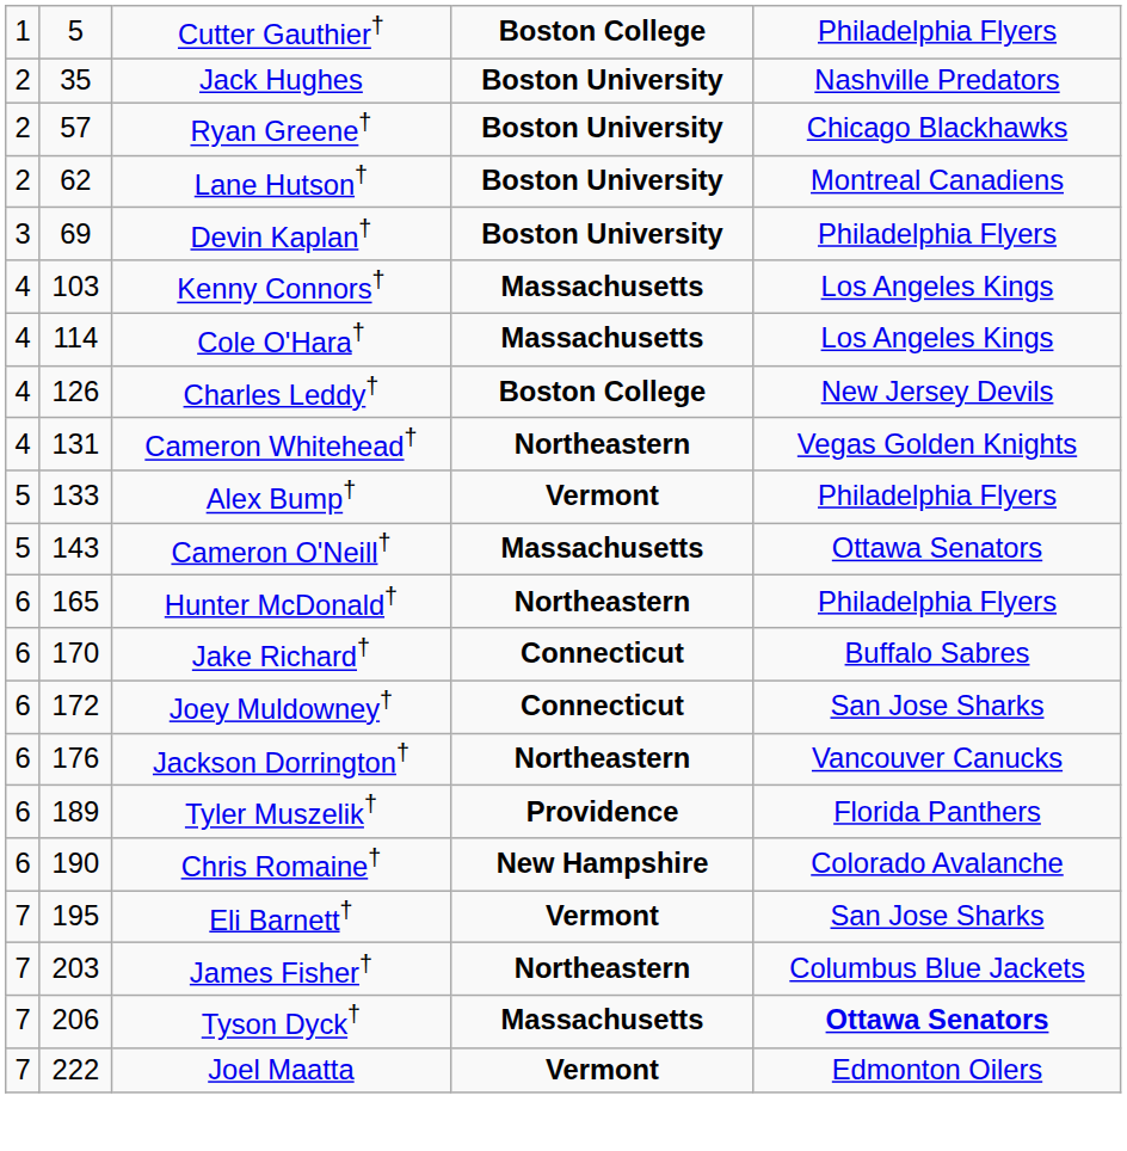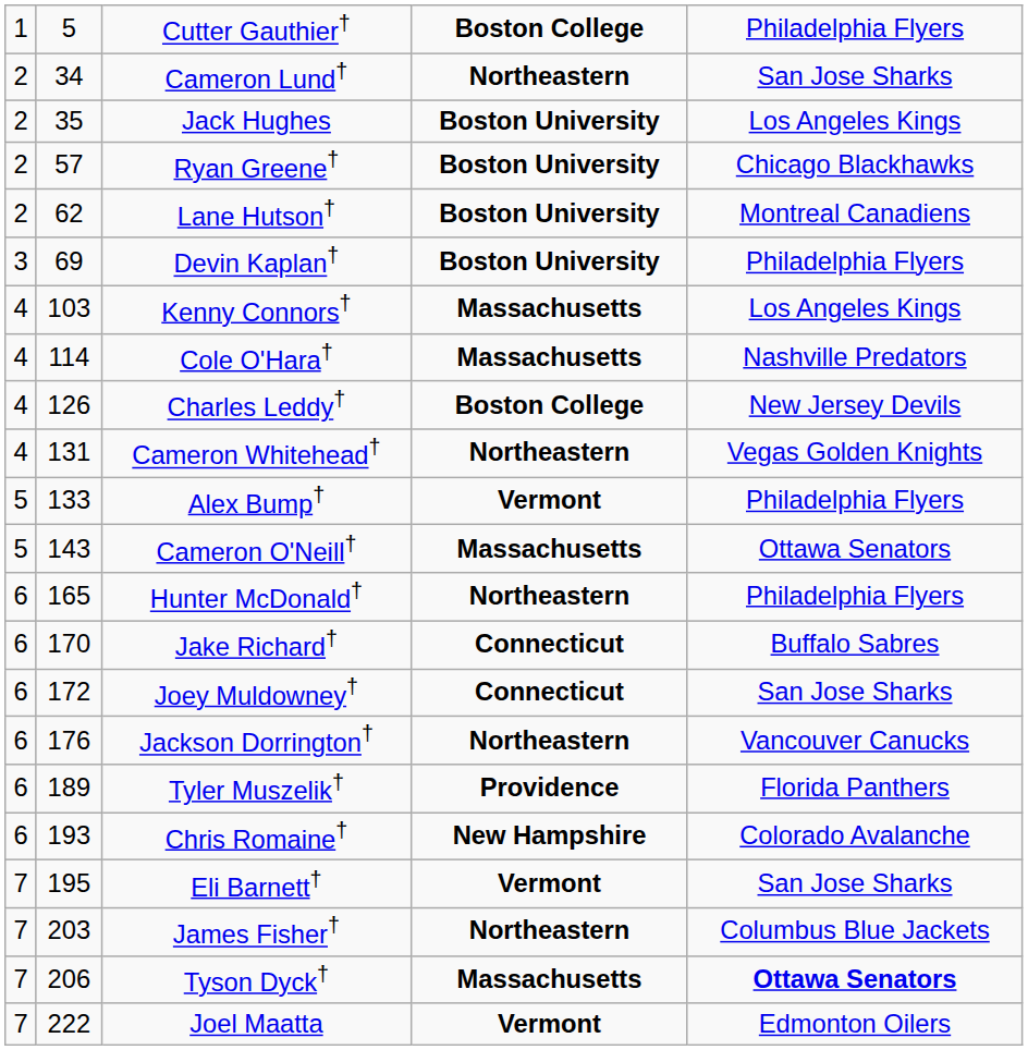 <table class="wikitable sortable" width="50%">
 <tr align="center" bgcolor="">
 <td>1</td>
 <td>5</td>
 <td><a href='#'>Cutter Gauthier</a><sup>†</sup></td>
 <td><strong>Boston College</strong></td>
 <td><a href='#'>Philadelphia Flyers</a></td>
 </tr>
 <tr align="center" bgcolor="">
 <td>2</td>
+<td>34</td>
+<td><a href='#'>Cameron Lund</a><sup>†</sup></td>
+<td><strong>Northeastern</strong></td>
+<td><a href='#'>San Jose Sharks</a></td>
+</tr>
+<tr align="center" bgcolor="">
+<td>2</td>
 <td>35</td>
 <td><a href='#'>Jack Hughes</a></td>
 <td><strong>Boston University</strong></td>
-<td><a href='#'>Nashville Predators</a></td>
+<td><a href='#'>Los Angeles Kings</a></td>
 </tr>
 <tr align="center" bgcolor="">
 <td>2</td>
 <td>57</td>
 <td><a href='#'>Ryan Greene</a><sup>†</sup></td>
 <td><strong>Boston University</strong></td>
 <td><a href='#'>Chicago Blackhawks</a></td>
 </tr>
 <tr align="center" bgcolor="">
 <td>2</td>
 <td>62</td>
 <td><a href='#'>Lane Hutson</a><sup>†</sup></td>
 <td><strong>Boston University</strong></td>
 <td><a href='#'>Montreal Canadiens</a></td>
 </tr>
 <tr align="center" bgcolor="">
 <td>3</td>
 <td>69</td>
 <td><a href='#'>Devin Kaplan</a><sup>†</sup></td>
 <td><strong>Boston University</strong></td>
 <td><a href='#'>Philadelphia Flyers</a></td>
 </tr>
 <tr align="center" bgcolor="">
 <td>4</td>
 <td>103</td>
 <td><a href='#'>Kenny Connors</a><sup>†</sup></td>
 <td><strong>Massachusetts</strong></td>
 <td><a href='#'>Los Angeles Kings</a></td>
 </tr>
 <tr align="center" bgcolor="">
 <td>4</td>
 <td>114</td>
 <td><a href='#'>Cole O'Hara</a><sup>†</sup></td>
 <td><strong>Massachusetts</strong></td>
-<td><a href='#'>Los Angeles Kings</a></td>
+<td><a href='#'>Nashville Predators</a></td>
 </tr>
 <tr align="center" bgcolor="">
 <td>4</td>
 <td>126</td>
 <td><a href='#'>Charles Leddy</a><sup>†</sup></td>
 <td><strong>Boston College</strong></td>
 <td><a href='#'>New Jersey Devils</a></td>
 </tr>
 <tr align="center" bgcolor="">
 <td>4</td>
 <td>131</td>
 <td><a href='#'>Cameron Whitehead</a><sup>†</sup></td>
 <td><strong>Northeastern</strong></td>
 <td><a href='#'>Vegas Golden Knights</a></td>
 </tr>
 <tr align="center" bgcolor="">
 <td>5</td>
 <td>133</td>
 <td><a href='#'>Alex Bump</a><sup>†</sup></td>
 <td><strong>Vermont</strong></td>
 <td><a href='#'>Philadelphia Flyers</a></td>
 </tr>
 <tr align="center" bgcolor="">
 <td>5</td>
 <td>143</td>
 <td><a href='#'>Cameron O'Neill</a><sup>†</sup></td>
 <td><strong>Massachusetts</strong></td>
 <td><a href='#'>Ottawa Senators</a></td>
 </tr>
 <tr align="center" bgcolor="">
 <td>6</td>
 <td>165</td>
 <td><a href='#'>Hunter McDonald</a><sup>†</sup></td>
 <td><strong>Northeastern</strong></td>
 <td><a href='#'>Philadelphia Flyers</a></td>
 </tr>
 <tr align="center" bgcolor="">
 <td>6</td>
 <td>170</td>
 <td><a href='#'>Jake Richard</a><sup>†</sup></td>
 <td><strong>Connecticut</strong></td>
 <td><a href='#'>Buffalo Sabres</a></td>
 </tr>
 <tr align="center" bgcolor="">
 <td>6</td>
 <td>172</td>
 <td><a href='#'>Joey Muldowney</a><sup>†</sup></td>
 <td><strong>Connecticut</strong></td>
 <td><a href='#'>San Jose Sharks</a></td>
 </tr>
 <tr align="center" bgcolor="">
 <td>6</td>
 <td>176</td>
 <td><a href='#'>Jackson Dorrington</a><sup>†</sup></td>
 <td><strong>Northeastern</strong></td>
 <td><a href='#'>Vancouver Canucks</a></td>
 </tr>
 <tr align="center" bgcolor="">
 <td>6</td>
 <td>189</td>
 <td><a href='#'>Tyler Muszelik</a><sup>†</sup></td>
 <td><strong>Providence</strong></td>
 <td><a href='#'>Florida Panthers</a></td>
 </tr>
 <tr align="center" bgcolor="">
 <td>6</td>
-<td>190</td>
+<td>193</td>
 <td><a href='#'>Chris Romaine</a><sup>†</sup></td>
 <td><strong>New Hampshire</strong></td>
 <td><a href='#'>Colorado Avalanche</a></td>
 </tr>
 <tr align="center" bgcolor="">
 <td>7</td>
 <td>195</td>
 <td><a href='#'>Eli Barnett</a><sup>†</sup></td>
 <td><strong>Vermont</strong></td>
 <td><a href='#'>San Jose Sharks</a></td>
 </tr>
 <tr align="center" bgcolor="">
 <td>7</td>
 <td>203</td>
 <td><a href='#'>James Fisher</a><sup>†</sup></td>
 <td><strong>Northeastern</strong></td>
 <td><a href='#'>Columbus Blue Jackets</a></td>
 </tr>
 <tr align="center" bgcolor="">
 <td>7</td>
 <td>206</td>
 <td><a href='#'>Tyson Dyck</a><sup>†</sup></td>
 <td><strong>Massachusetts</strong></td>
 <td><strong><a href='#'>Ottawa Senators</a></strong></td>
 </tr>
 <tr align="center" bgcolor="">
 <td>7</td>
 <td>222</td>
 <td><a href='#'>Joel Maatta</a></td>
 <td><strong>Vermont</strong></td>
 <td><a href='#'>Edmonton Oilers</a></td>
 </tr>
 </table>
